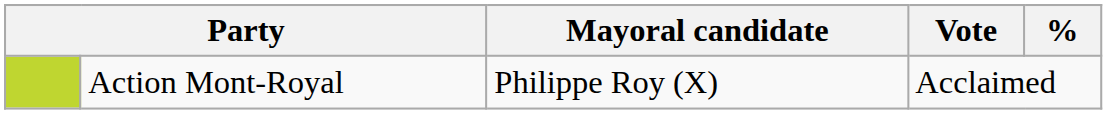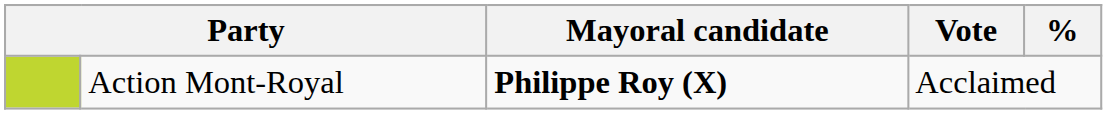 <table class="wikitable">
 <tr>
 <th bgcolor="#DDDDFF" width="230px" colspan="2">Party</th>
 <th bgcolor="#DDDDFF" width="200px">Mayoral candidate</th>
 <th bgcolor="#DDDDFF" width="50px">Vote</th>
 <th bgcolor="#DDDDFF" width="30px">%</th>
 </tr>
 <tr>
 <td bgcolor=#BFD630 width="30px"> </td>
 <td>Action Mont-Royal</td>
-<td>Philippe Roy (X)</td>
+<td><strong>Philippe Roy (X)</strong></td>
 <td colspan="2">Acclaimed</td>
 </tr>
 </table>
